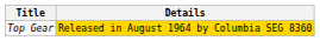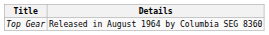 <table class="wikitable">
 <tr>
 <th>Title</th>
 <th>Details</th>
 </tr>
 <tr>
 <td><em>Top Gear</em></td>
-<td style="background: gold;">Released in August 1964 by Columbia SEG 8360</td>
+<td>Released in August 1964 by Columbia SEG 8360</td>
 </tr>
 </table>
